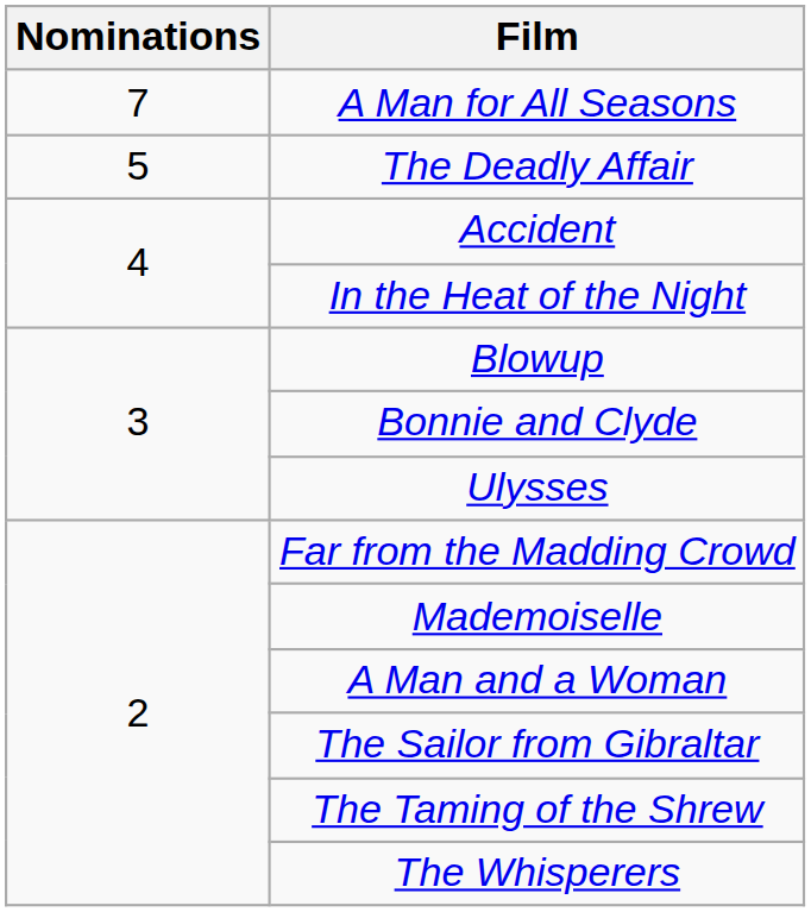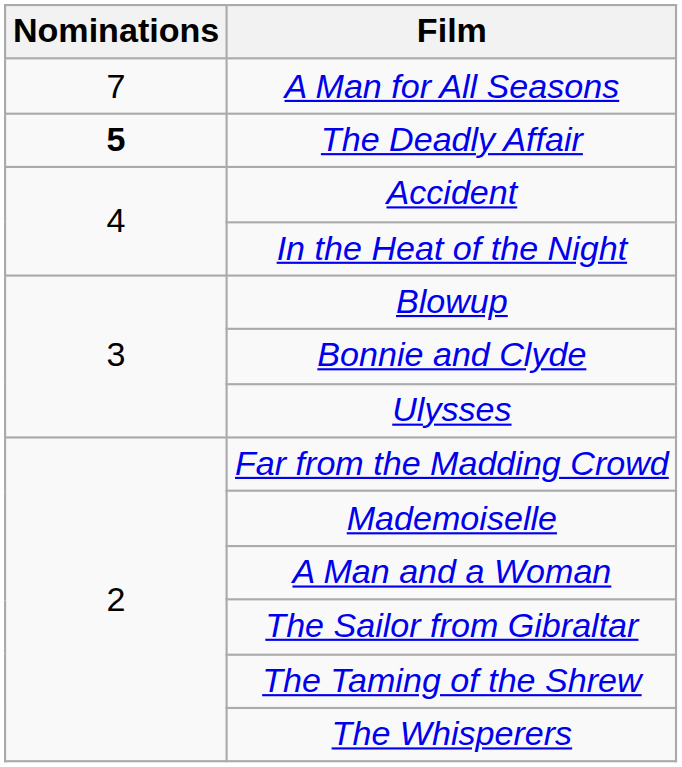 <table class="wikitable" style="text-align:center;">
 <tr>
 <th style="background:">Nominations</th>
 <th style="background:">Film</th>
 </tr>
 <tr>
 <td>7</td>
 <td><em><a href='#'>A Man for All Seasons</a></em></td>
 </tr>
 <tr>
-<td>5</td>
+<td><strong>5</strong></td>
 <td><em><a href='#'>The Deadly Affair</a></em></td>
 </tr>
 <tr>
 <td rowspan="2">4</td>
 <td><em><a href='#'>Accident</a></em></td>
 </tr>
 <tr>
 <td><em><a href='#'>In the Heat of the Night</a></em></td>
 </tr>
 <tr>
 <td rowspan="3">3</td>
 <td><em><a href='#'>Blowup</a></em></td>
 </tr>
 <tr>
 <td><em><a href='#'>Bonnie and Clyde</a></em></td>
 </tr>
 <tr>
 <td><em><a href='#'>Ulysses</a></em></td>
 </tr>
 <tr>
 <td rowspan="6">2</td>
 <td><em><a href='#'>Far from the Madding Crowd</a></em></td>
 </tr>
 <tr>
 <td><em><a href='#'>Mademoiselle</a></em></td>
 </tr>
 <tr>
 <td><em><a href='#'>A Man and a Woman</a></em></td>
 </tr>
 <tr>
 <td><em><a href='#'>The Sailor from Gibraltar</a></em></td>
 </tr>
 <tr>
 <td><em><a href='#'>The Taming of the Shrew</a></em></td>
 </tr>
 <tr>
 <td><em><a href='#'>The Whisperers</a></em></td>
 </tr>
 </table>
